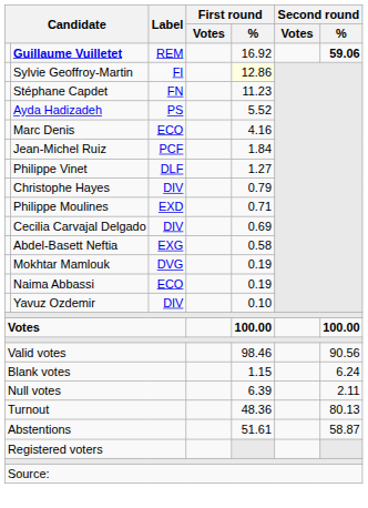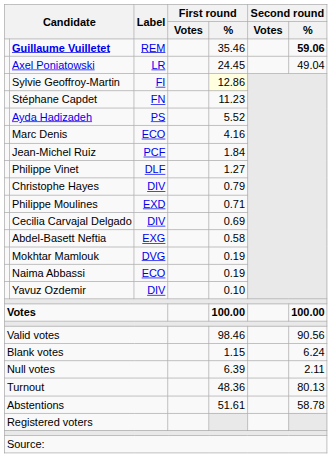 <table class="wikitable" style="text-align:right;font-size:95%;">
 <tr>
 <th rowspan="2" colspan="2">Candidate</th>
 <th rowspan="2">Label</th>
 <th colspan="2">First round</th>
 <th colspan="2">Second round</th>
 </tr>
 <tr>
 <th style="width:50px;">Votes</th>
 <th style="width:45px;">%</th>
 <th style="width:50px;">Votes</th>
 <th style="width:45px;">%</th>
 </tr>
 <tr>
 <td style="color:inherit;background:"></td>
 <td style="text-align:left;"><strong><a href='#'>Guillaume Vuilletet</a></strong></td>
 <td><a href='#'>REM</a></td>
 <td></td>
-<td>16.92</td>
+<td>35.46</td>
 <td><strong></strong></td>
 <td><strong>59.06</strong></td>
+</tr>
+<tr>
+<td style="color:inherit;background:"></td>
+<td style="text-align:left;"><a href='#'>Axel Poniatowski</a></td>
+<td><a href='#'>LR</a></td>
+<td></td>
+<td>24.45</td>
+<td></td>
+<td>49.04</td>
 </tr>
 <tr>
 <td style="color:inherit;background:"></td>
 <td style="text-align:left;">Sylvie Geoffroy-Martin</td>
 <td><a href='#'>FI</a></td>
 <td></td>
 <td style="background: lightyellow;">12.86</td>
 <td colspan="2" rowspan="13" style="background:#E9E9E9;"></td>
 </tr>
 <tr>
 <td style="color:inherit;background:"></td>
 <td style="text-align:left;">Stéphane Capdet</td>
 <td><a href='#'>FN</a></td>
 <td></td>
 <td>11.23</td>
 </tr>
 <tr>
 <td style="color:inherit;background:"></td>
 <td style="text-align:left;"><a href='#'>Ayda Hadizadeh</a></td>
 <td><a href='#'>PS</a></td>
 <td></td>
 <td>5.52</td>
 </tr>
 <tr>
 <td style="color:inherit;background:"></td>
 <td style="text-align:left;">Marc Denis</td>
 <td><a href='#'>ECO</a></td>
 <td></td>
 <td>4.16</td>
 </tr>
 <tr>
 <td style="color:inherit;background:"></td>
 <td style="text-align:left;">Jean-Michel Ruiz</td>
 <td><a href='#'>PCF</a></td>
 <td></td>
 <td>1.84</td>
 </tr>
 <tr>
 <td style="color:inherit;background:"></td>
 <td style="text-align:left;">Philippe Vinet</td>
 <td><a href='#'>DLF</a></td>
 <td></td>
 <td>1.27</td>
 </tr>
 <tr>
 <td style="color:inherit;background:"></td>
 <td style="text-align:left;">Christophe Hayes</td>
 <td><a href='#'>DIV</a></td>
 <td></td>
 <td>0.79</td>
 </tr>
 <tr>
 <td style="color:inherit;background:"></td>
 <td style="text-align:left;">Philippe Moulines</td>
 <td><a href='#'>EXD</a></td>
 <td></td>
 <td>0.71</td>
 </tr>
 <tr>
 <td style="color:inherit;background:"></td>
 <td style="text-align:left;">Cecilia Carvajal Delgado</td>
 <td><a href='#'>DIV</a></td>
 <td></td>
 <td>0.69</td>
 </tr>
 <tr>
 <td style="color:inherit;background:"></td>
 <td style="text-align:left;">Abdel-Basett Neftia</td>
 <td><a href='#'>EXG</a></td>
 <td></td>
 <td>0.58</td>
 </tr>
 <tr>
 <td style="color:inherit;background:"></td>
 <td style="text-align:left;">Mokhtar Mamlouk</td>
 <td><a href='#'>DVG</a></td>
 <td></td>
 <td>0.19</td>
 </tr>
 <tr>
 <td style="color:inherit;background:"></td>
 <td style="text-align:left;">Naima Abbassi</td>
 <td><a href='#'>ECO</a></td>
 <td></td>
 <td>0.19</td>
 </tr>
 <tr>
 <td style="color:inherit;background:"></td>
 <td style="text-align:left;">Yavuz Ozdemir</td>
 <td><a href='#'>DIV</a></td>
 <td></td>
 <td>0.10</td>
 </tr>
 <tr>
 <td colspan="7" style="background:#E9E9E9;"></td>
 </tr>
 <tr style="font-weight:bold;">
 <td colspan="3" style="text-align:left;">Votes</td>
 <td></td>
 <td>100.00</td>
 <td></td>
 <td>100.00</td>
 </tr>
 <tr>
 <td colspan="7" style="background:#E9E9E9;"></td>
 </tr>
 <tr>
 <td colspan="3" style="text-align:left;">Valid votes</td>
 <td></td>
 <td>98.46</td>
 <td></td>
 <td>90.56</td>
 </tr>
 <tr>
 <td colspan="3" style="text-align:left;">Blank votes</td>
 <td></td>
 <td>1.15</td>
 <td></td>
 <td>6.24</td>
 </tr>
 <tr>
 <td colspan="3" style="text-align:left;">Null votes</td>
 <td></td>
 <td>6.39</td>
 <td></td>
 <td>2.11</td>
 </tr>
 <tr>
 <td colspan="3" style="text-align:left;">Turnout</td>
 <td></td>
 <td>48.36</td>
 <td></td>
 <td>80.13</td>
 </tr>
 <tr>
 <td colspan="3" style="text-align:left;">Abstentions</td>
 <td></td>
 <td>51.61</td>
 <td></td>
-<td>58.87</td>
+<td>58.78</td>
 </tr>
 <tr>
 <td colspan="3" style="text-align:left;">Registered voters</td>
 <td></td>
 <td style="color:inherit;background:#E9E9E9;"></td>
 <td></td>
 <td style="color:inherit;background:#E9E9E9;"></td>
 </tr>
 <tr>
 <td colspan="7" style="background:#E9E9E9;"></td>
 </tr>
 <tr>
 <td colspan="7" style="text-align:left;">Source: </td>
 </tr>
 </table>
